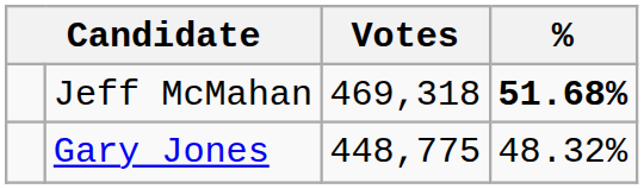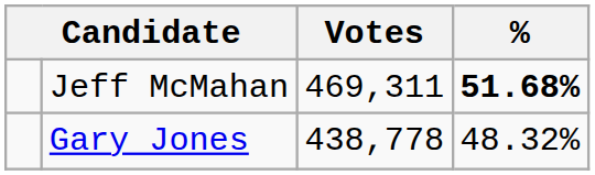 <table class="wikitable">
 <tr>
 <th colspan="2" rowspan="1" align="center" valign="top"><strong>Candidate</strong></th>
 <th valign="top"><strong>Votes</strong></th>
 <th valign="top"><strong>%</strong></th>
 </tr>
 <tr>
 <td style="background-color:"> </td>
 <td>Jeff McMahan</td>
-<td>469,318</td>
+<td>469,311</td>
 <td><strong>51.68%</strong></td>
 </tr>
 <tr>
 <td style="background-color:"> </td>
 <td><a href='#'>Gary Jones</a></td>
-<td>448,775</td>
+<td>438,778</td>
 <td>48.32%</td>
 </tr>
 </table>
